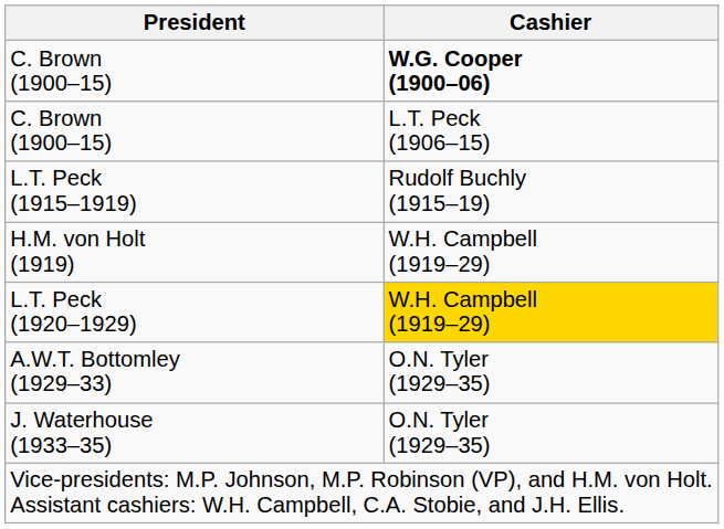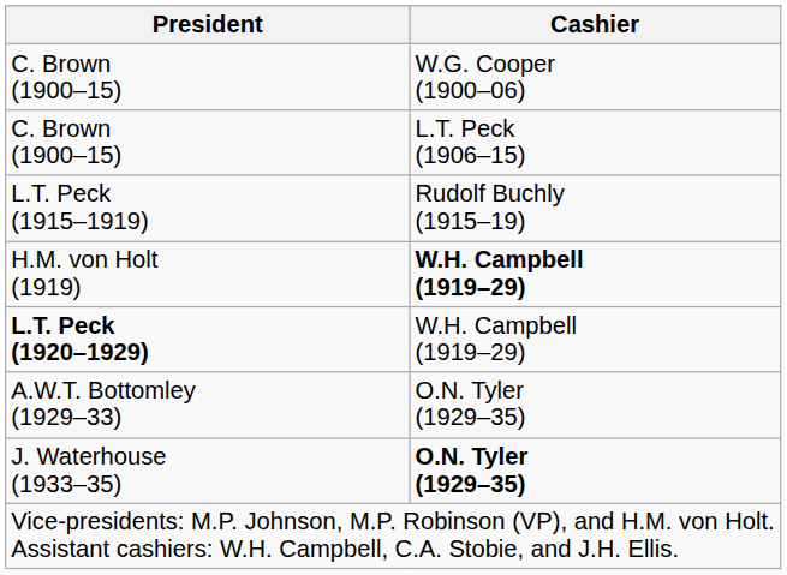 <table class="wikitable" style="display:inline-table;">
 <tr>
 <th scope="col">President</th>
 <th scope="col">Cashier</th>
 </tr>
 <tr>
 <td scope="row">C. Brown<br>(1900–15)</td>
-<td><strong>W.G. Cooper<br>(1900–06)</strong></td>
+<td>W.G. Cooper<br>(1900–06)</td>
 </tr>
 <tr>
 <td scope="row">C. Brown<br>(1900–15)</td>
 <td>L.T. Peck<br>(1906–15)</td>
 </tr>
 <tr>
 <td scope="row">L.T. Peck<br>(1915–1919)</td>
 <td>Rudolf Buchly<br>(1915–19)</td>
 </tr>
 <tr>
 <td scope="row">H.M. von Holt<br>(1919)</td>
-<td>W.H. Campbell<br>(1919–29)</td>
+<td><strong>W.H. Campbell<br>(1919–29)</strong></td>
 </tr>
 <tr>
-<td scope="row">L.T. Peck<br>(1920–1929)</td>
-<td style="background: gold;">W.H. Campbell<br>(1919–29)</td>
+<td scope="row"><strong>L.T. Peck<br>(1920–1929)</strong></td>
+<td>W.H. Campbell<br>(1919–29)</td>
 </tr>
 <tr>
 <td scope="row">A.W.T. Bottomley<br>(1929–33)</td>
 <td>O.N. Tyler<br>(1929–35) </td>
 </tr>
 <tr>
 <td scope="row">J. Waterhouse<br>(1933–35)</td>
-<td>O.N. Tyler<br>(1929–35)</td>
+<td><strong>O.N. Tyler<br>(1929–35)</strong></td>
 </tr>
 <tr>
 <td colspan="2">Vice-presidents: M.P. Johnson, M.P. Robinson (VP), and H.M. von Holt. <br>Assistant cashiers: W.H. Campbell, C.A. Stobie, and J.H. Ellis.</td>
 </tr>
 </table>
